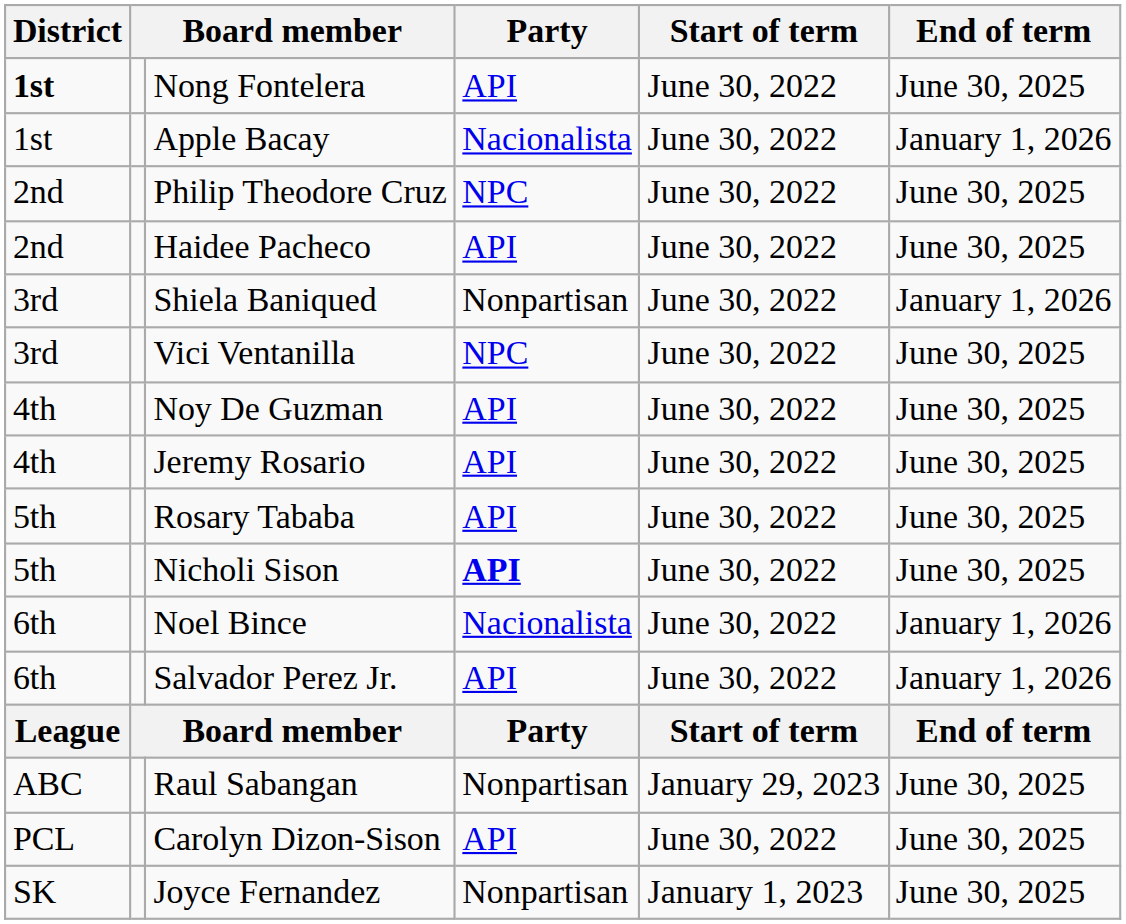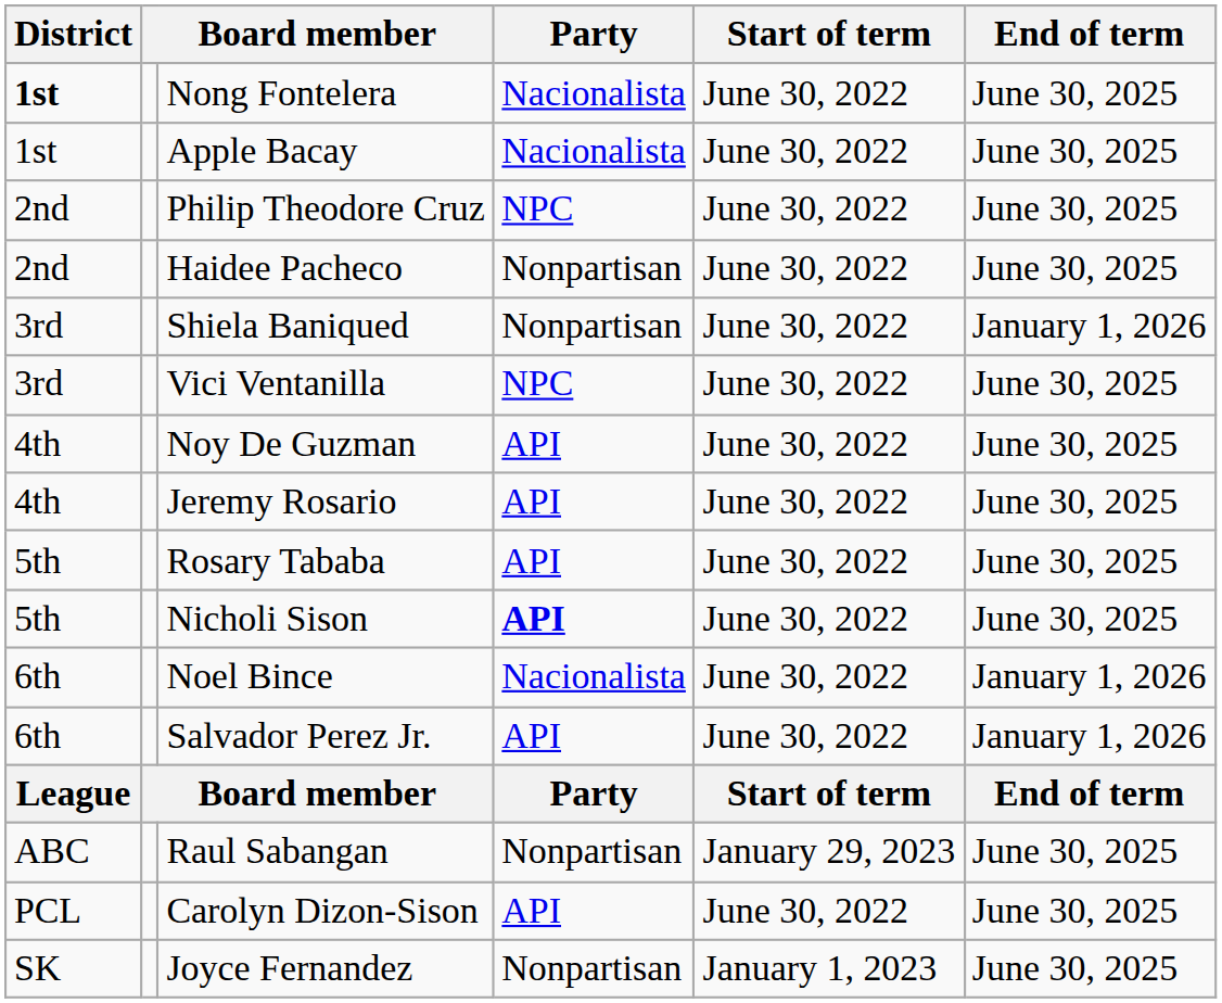 <table class="wikitable">
 <tr>
 <th>District</th>
 <th colspan="2">Board member</th>
 <th>Party</th>
 <th>Start of term</th>
 <th>End of term</th>
 </tr>
 <tr>
 <td><strong>1st</strong></td>
 <td></td>
 <td>Nong Fontelera</td>
-<td><a href='#'>API</a></td>
+<td><a href='#'>Nacionalista</a></td>
 <td>June 30, 2022</td>
 <td>June 30, 2025</td>
 </tr>
 <tr>
 <td>1st</td>
 <td></td>
 <td>Apple Bacay</td>
 <td><a href='#'>Nacionalista</a></td>
 <td>June 30, 2022</td>
-<td>January 1, 2026</td>
+<td>June 30, 2025</td>
 </tr>
 <tr>
 <td>2nd</td>
 <td></td>
 <td>Philip Theodore Cruz</td>
 <td><a href='#'>NPC</a></td>
 <td>June 30, 2022</td>
 <td>June 30, 2025</td>
 </tr>
 <tr>
 <td>2nd</td>
 <td></td>
 <td>Haidee Pacheco</td>
-<td><a href='#'>API</a></td>
+<td>Nonpartisan</td>
 <td>June 30, 2022</td>
 <td>June 30, 2025</td>
 </tr>
 <tr>
 <td>3rd</td>
 <td></td>
 <td>Shiela Baniqued</td>
 <td>Nonpartisan</td>
 <td>June 30, 2022</td>
 <td>January 1, 2026</td>
 </tr>
 <tr>
 <td>3rd</td>
 <td></td>
 <td>Vici Ventanilla</td>
 <td><a href='#'>NPC</a></td>
 <td>June 30, 2022</td>
 <td>June 30, 2025</td>
 </tr>
 <tr>
 <td>4th</td>
 <td></td>
 <td>Noy De Guzman</td>
 <td><a href='#'>API</a></td>
 <td>June 30, 2022</td>
 <td>June 30, 2025</td>
 </tr>
 <tr>
 <td>4th</td>
 <td></td>
 <td>Jeremy Rosario</td>
 <td><a href='#'>API</a></td>
 <td>June 30, 2022</td>
 <td>June 30, 2025</td>
 </tr>
 <tr>
 <td>5th</td>
 <td></td>
 <td>Rosary Tababa</td>
 <td><a href='#'>API</a></td>
 <td>June 30, 2022</td>
 <td>June 30, 2025</td>
 </tr>
 <tr>
 <td>5th</td>
 <td></td>
 <td>Nicholi Sison</td>
 <td><strong><a href='#'>API</a></strong></td>
 <td>June 30, 2022</td>
 <td>June 30, 2025</td>
 </tr>
 <tr>
 <td>6th</td>
 <td></td>
 <td>Noel Bince</td>
 <td><a href='#'>Nacionalista</a></td>
 <td>June 30, 2022</td>
 <td>January 1, 2026</td>
 </tr>
 <tr>
 <td>6th</td>
 <td></td>
 <td>Salvador Perez Jr.</td>
 <td><a href='#'>API</a></td>
 <td>June 30, 2022</td>
 <td>January 1, 2026</td>
 </tr>
 <tr>
 <th>League</th>
 <th colspan="2">Board member</th>
 <th>Party</th>
 <th>Start of term</th>
 <th>End of term</th>
 </tr>
 <tr>
 <td>ABC</td>
 <td></td>
 <td>Raul Sabangan</td>
 <td>Nonpartisan</td>
 <td>January 29, 2023</td>
 <td>June 30, 2025</td>
 </tr>
 <tr>
 <td>PCL</td>
 <td></td>
 <td>Carolyn Dizon-Sison</td>
 <td><a href='#'>API</a></td>
 <td>June 30, 2022</td>
 <td>June 30, 2025</td>
 </tr>
 <tr>
 <td>SK</td>
 <td></td>
 <td>Joyce Fernandez</td>
 <td>Nonpartisan</td>
 <td>January 1, 2023</td>
 <td>June 30, 2025</td>
 </tr>
 </table>
